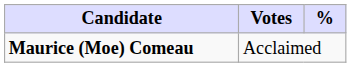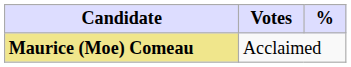 <table class="wikitable">
 <tr>
 <th style="background:#ddf; width:200px;">Candidate</th>
 <th style="background:#ddf; width:50px;">Votes</th>
 <th style="background:#ddf; width:30px;">%</th>
 </tr>
 <tr>
-<td><strong>Maurice (Moe) Comeau</strong></td>
+<td style="background: khaki;"><strong>Maurice (Moe) Comeau</strong></td>
 <td colspan="2">Acclaimed</td>
 </tr>
 </table>
